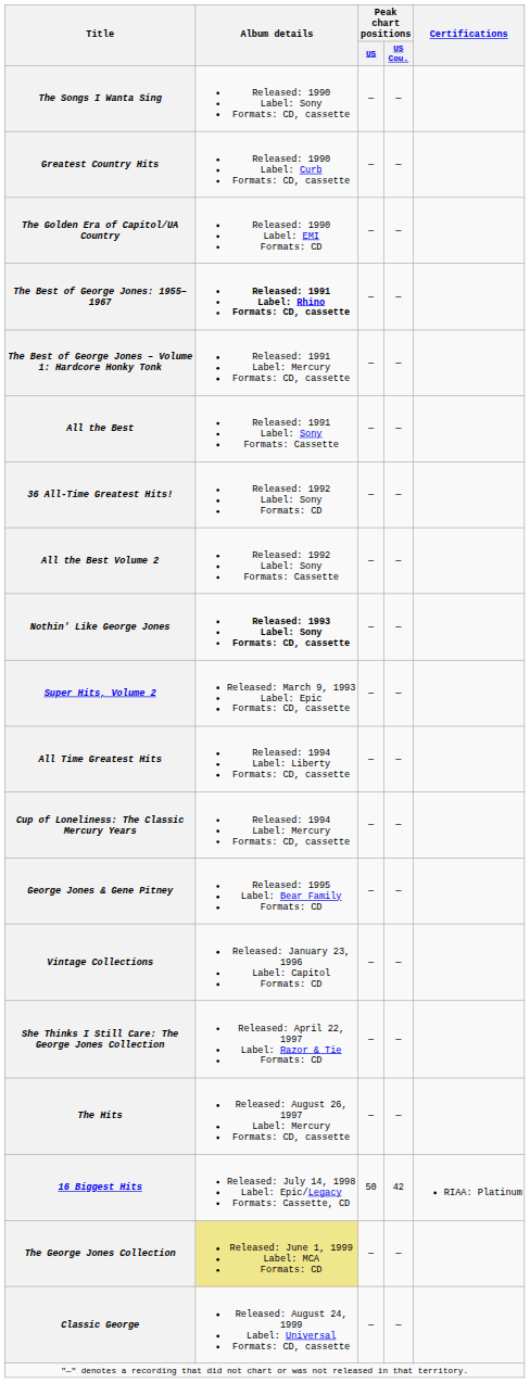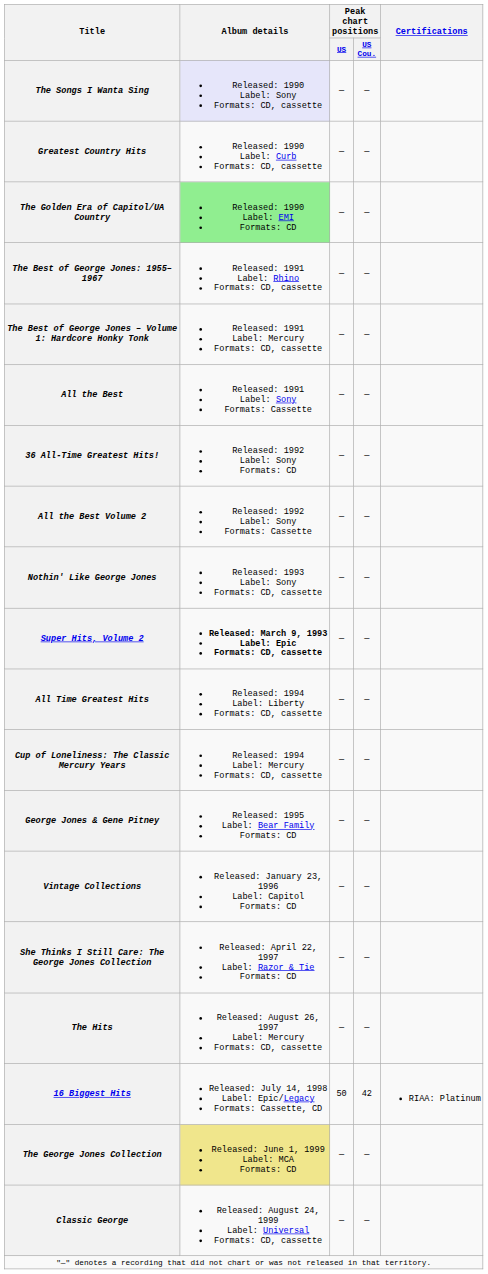 <table class="wikitable plainrowheaders" style="text-align:center;">
 <tr>
 <th scope="col" rowspan="2" style="width:20em;">Title</th>
 <th scope="col" rowspan="2" style="width:17em;">Album details</th>
 <th scope="col" colspan="2">Peak chart<br> positions</th>
 <th scope="col" rowspan="2"><a href='#'>Certifications</a></th>
 </tr>
 <tr>
 <th scope="col" style="width:2em;font-size:90%;"><a href='#'>US</a><br></th>
 <th scope="col" style="width:2em;font-size:90%;"><a href='#'>US<br>Cou.</a><br></th>
 </tr>
 <tr>
 <th scope="row"><em>The Songs I Wanta Sing</em></th>
-<td><br><ul><li>Released: 1990</li><li>Label: Sony</li><li>Formats: CD, cassette</li></ul></td>
+<td style="background: lavender;"><br><ul><li>Released: 1990</li><li>Label: Sony</li><li>Formats: CD, cassette</li></ul></td>
 <td>—</td>
 <td>—</td>
 <td></td>
 </tr>
 <tr>
 <th scope="row"><em>Greatest Country Hits</em></th>
 <td><br><ul><li>Released: 1990</li><li>Label: <a href='#'>Curb</a></li><li>Formats: CD, cassette</li></ul></td>
 <td>—</td>
 <td>—</td>
 <td></td>
 </tr>
 <tr>
 <th scope="row"><em>The Golden Era of Capitol/UA Country</em></th>
-<td><br><ul><li>Released: 1990</li><li>Label: <a href='#'>EMI</a></li><li>Formats: CD</li></ul></td>
+<td style="background: lightgreen;"><br><ul><li>Released: 1990</li><li>Label: <a href='#'>EMI</a></li><li>Formats: CD</li></ul></td>
 <td>—</td>
 <td>—</td>
 <td></td>
 </tr>
 <tr>
 <th scope="row"><em>The Best of George Jones: 1955–1967</em></th>
-<td><strong><br><ul><li>Released: 1991</li><li>Label: <a href='#'>Rhino</a></li><li>Formats: CD, cassette</li></ul></strong></td>
+<td><br><ul><li>Released: 1991</li><li>Label: <a href='#'>Rhino</a></li><li>Formats: CD, cassette</li></ul></td>
 <td>—</td>
 <td>—</td>
 <td></td>
 </tr>
 <tr>
 <th scope="row"><em>The Best of George Jones – Volume 1: Hardcore Honky Tonk</em></th>
 <td><br><ul><li>Released: 1991</li><li>Label: Mercury</li><li>Formats: CD, cassette</li></ul></td>
 <td>—</td>
 <td>—</td>
 <td></td>
 </tr>
 <tr>
 <th scope="row"><em>All the Best</em></th>
 <td><br><ul><li>Released: 1991</li><li>Label: <a href='#'>Sony</a></li><li>Formats: Cassette</li></ul></td>
 <td>—</td>
 <td>—</td>
 <td></td>
 </tr>
 <tr>
 <th scope="row"><em>36 All-Time Greatest Hits!</em></th>
 <td><br><ul><li>Released: 1992</li><li>Label: Sony</li><li>Formats: CD</li></ul></td>
 <td>—</td>
 <td>—</td>
 <td></td>
 </tr>
 <tr>
 <th scope="row"><em>All the Best Volume 2</em></th>
 <td><br><ul><li>Released: 1992</li><li>Label: Sony</li><li>Formats: Cassette</li></ul></td>
 <td>—</td>
 <td>—</td>
 <td></td>
 </tr>
 <tr>
 <th scope="row"><em>Nothin' Like George Jones</em></th>
-<td><strong><br><ul><li>Released: 1993</li><li>Label: Sony</li><li>Formats: CD, cassette</li></ul></strong></td>
+<td><br><ul><li>Released: 1993</li><li>Label: Sony</li><li>Formats: CD, cassette</li></ul></td>
 <td>—</td>
 <td>—</td>
 <td></td>
 </tr>
 <tr>
 <th scope="row"><em><a href='#'>Super Hits, Volume 2</a></em></th>
-<td><br><ul><li>Released: March 9, 1993</li><li>Label: Epic</li><li>Formats: CD, cassette</li></ul></td>
+<td><strong><br><ul><li>Released: March 9, 1993</li><li>Label: Epic</li><li>Formats: CD, cassette</li></ul></strong></td>
 <td>—</td>
 <td>—</td>
 <td></td>
 </tr>
 <tr>
 <th scope="row"><em>All Time Greatest Hits</em></th>
 <td><br><ul><li>Released: 1994</li><li>Label: Liberty</li><li>Formats: CD, cassette</li></ul></td>
 <td>—</td>
 <td>—</td>
 <td></td>
 </tr>
 <tr>
 <th scope="row"><em>Cup of Loneliness: The Classic Mercury Years</em></th>
 <td><br><ul><li>Released: 1994</li><li>Label: Mercury</li><li>Formats: CD, cassette</li></ul></td>
 <td>—</td>
 <td>—</td>
 <td></td>
 </tr>
 <tr>
 <th scope="row"><em>George Jones & Gene Pitney</em><br></th>
 <td><br><ul><li>Released: 1995</li><li>Label: <a href='#'>Bear Family</a></li><li>Formats: CD</li></ul></td>
 <td>—</td>
 <td>—</td>
 <td></td>
 </tr>
 <tr>
 <th scope="row"><em>Vintage Collections</em><br></th>
 <td><br><ul><li>Released: January 23, 1996</li><li>Label: Capitol</li><li>Formats: CD</li></ul></td>
 <td>—</td>
 <td>—</td>
 <td></td>
 </tr>
 <tr>
 <th scope="row"><em>She Thinks I Still Care: The George Jones Collection</em></th>
 <td><br><ul><li>Released: April 22, 1997</li><li>Label: <a href='#'>Razor & Tie</a></li><li>Formats: CD</li></ul></td>
 <td>—</td>
 <td>—</td>
 <td></td>
 </tr>
 <tr>
 <th scope="row"><em>The Hits</em></th>
 <td><br><ul><li>Released: August 26, 1997</li><li>Label: Mercury</li><li>Formats: CD, cassette</li></ul></td>
 <td>—</td>
 <td>—</td>
 <td></td>
 </tr>
 <tr>
 <th scope="row"><em><a href='#'>16 Biggest Hits</a></em></th>
 <td><br><ul><li>Released: July 14, 1998</li><li>Label: Epic/<a href='#'>Legacy</a></li><li>Formats: Cassette, CD</li></ul></td>
 <td>50</td>
 <td>42</td>
 <td><br><ul><li>RIAA: Platinum</li></ul></td>
 </tr>
 <tr>
 <th scope="row"><em>The George Jones Collection</em></th>
 <td style="background: khaki;"><br><ul><li>Released: June 1, 1999</li><li>Label: MCA</li><li>Formats: CD</li></ul></td>
 <td>—</td>
 <td>—</td>
 <td></td>
 </tr>
 <tr>
 <th scope="row"><em>Classic George</em></th>
 <td><br><ul><li>Released: August 24, 1999</li><li>Label: <a href='#'>Universal</a></li><li>Formats: CD, cassette</li></ul></td>
 <td>—</td>
 <td>—</td>
 <td></td>
 </tr>
 <tr>
 <td colspan="5" style="font-size:90%">"—" denotes a recording that did not chart or was not released in that territory.</td>
 </tr>
 </table>
